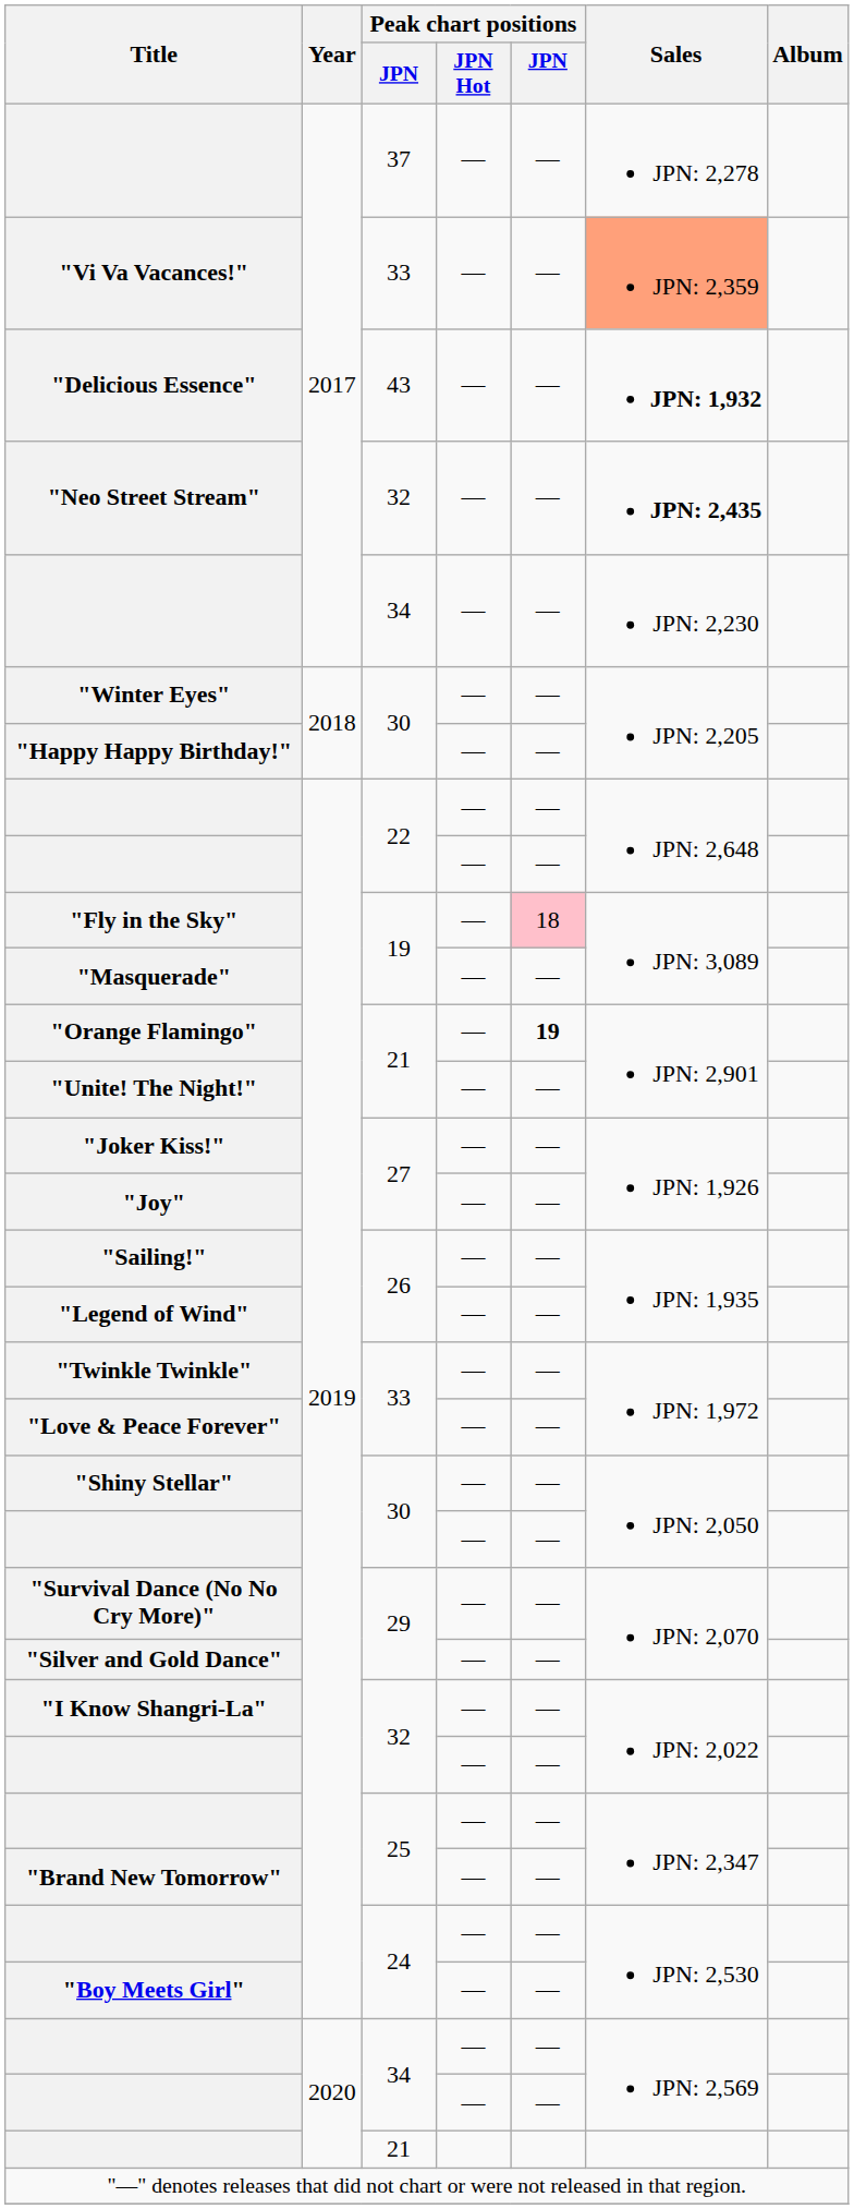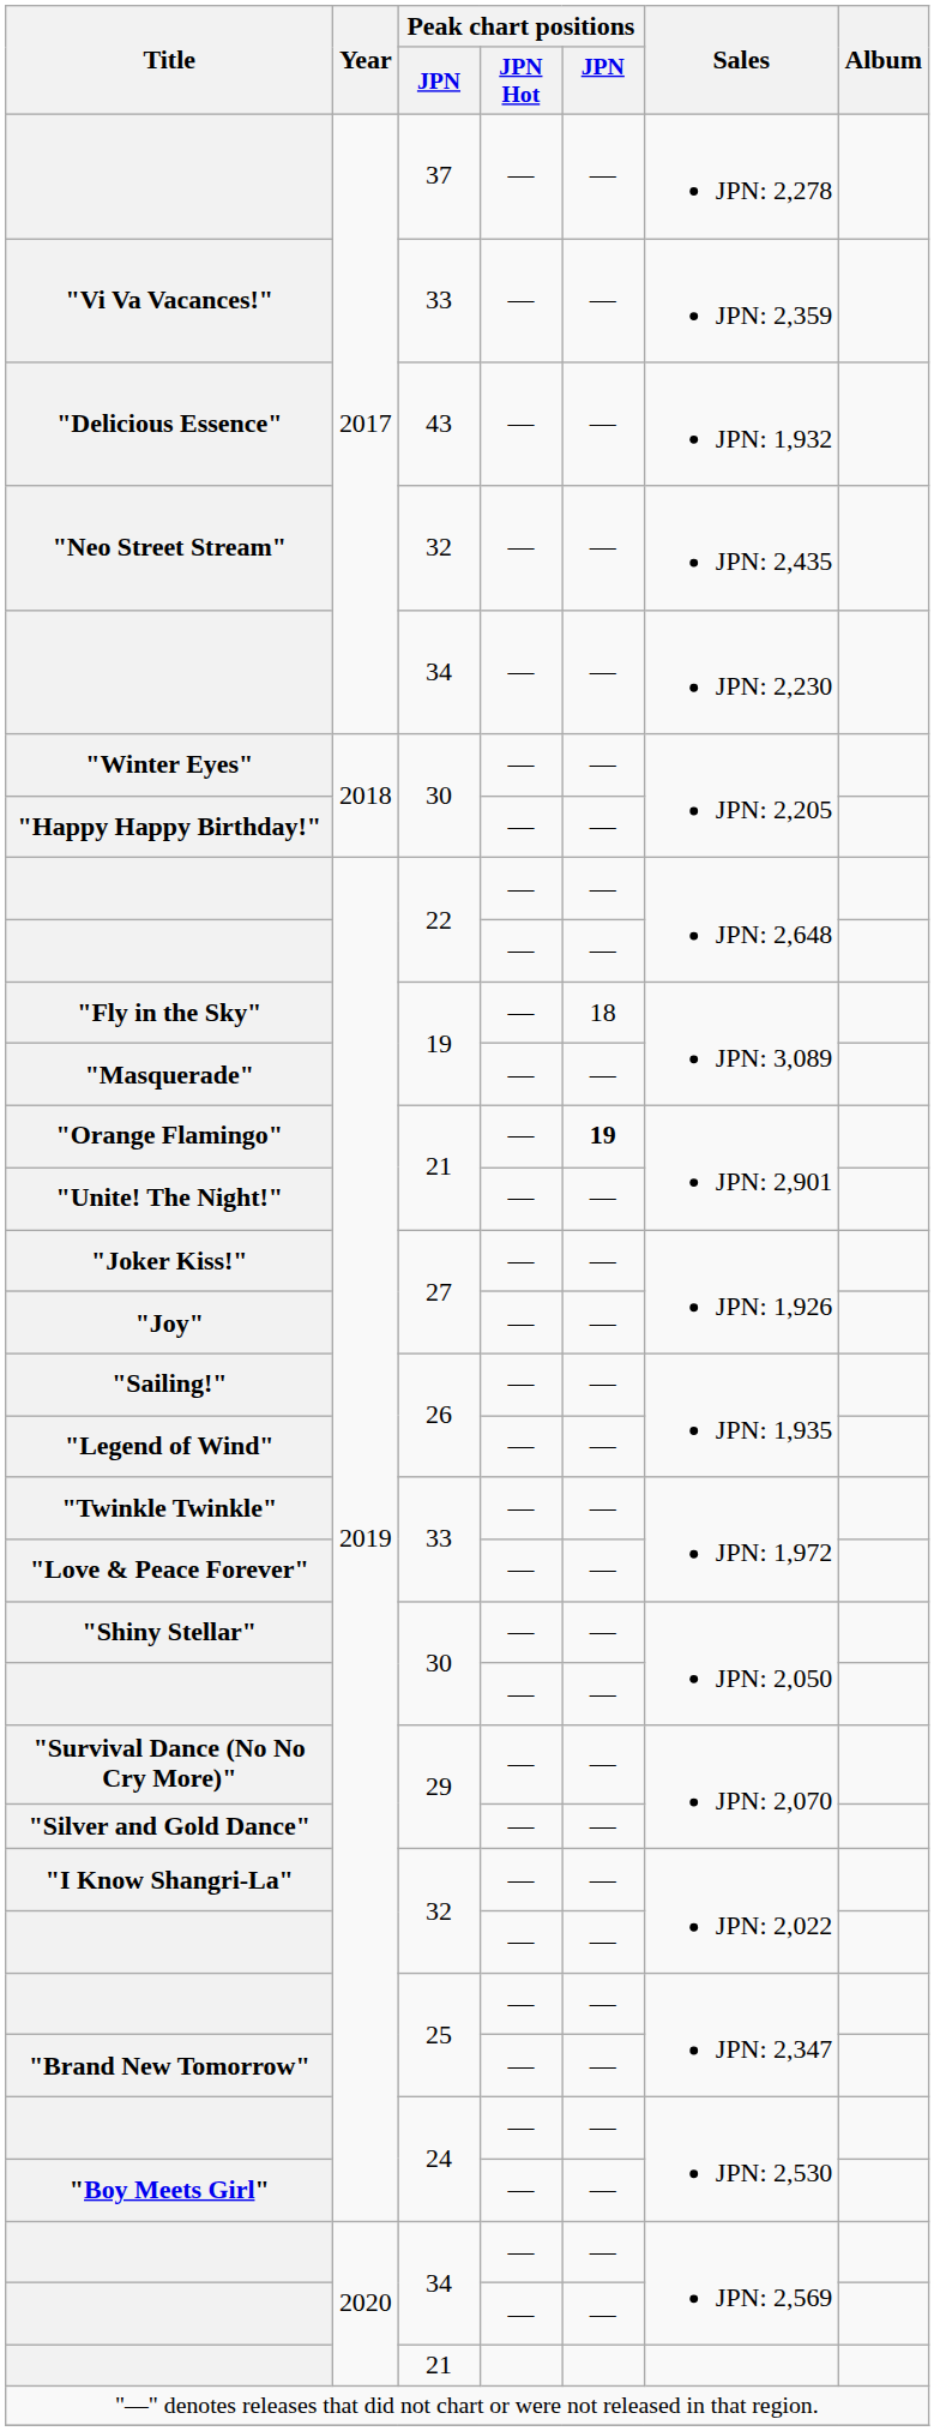 <table class="wikitable plainrowheaders" style="text-align:center;">
 <tr>
 <th scope="col" rowspan="2" style="width:12em;">Title</th>
 <th scope="col" rowspan="2">Year</th>
 <th scope="col" colspan="3">Peak chart positions</th>
 <th scope="col" rowspan="2">Sales<br></th>
 <th scope="col" rowspan="2">Album</th>
 </tr>
 <tr>
 <th scope="col" style="width:3em;font-size:90%;"><a href='#'>JPN</a><br></th>
 <th scope="col" style="width:3em;font-size:90%;"><a href='#'>JPN<br>Hot</a></th>
 <th scope="col" style="width:3em;font-size:90%;"><a href='#'>JPN<br></a><br></th>
 </tr>
 <tr>
 <th scope="row"></th>
 <td rowspan="5">2017</td>
 <td>37</td>
 <td>—</td>
 <td>—</td>
 <td><br><ul><li>JPN: 2,278</li></ul></td>
 <td></td>
 </tr>
 <tr>
 <th scope="row">"Vi Va Vacances!"</th>
 <td>33</td>
 <td>—</td>
 <td>—</td>
-<td style="background: lightsalmon;"><br><ul><li>JPN: 2,359</li></ul></td>
+<td><br><ul><li>JPN: 2,359</li></ul></td>
 <td></td>
 </tr>
 <tr>
 <th scope="row">"Delicious Essence"</th>
 <td>43</td>
 <td>—</td>
 <td>—</td>
-<td><strong><br><ul><li>JPN: 1,932</li></ul></strong></td>
+<td><br><ul><li>JPN: 1,932</li></ul></td>
 <td></td>
 </tr>
 <tr>
 <th scope="row">"Neo Street Stream"</th>
 <td>32</td>
 <td>—</td>
 <td>—</td>
-<td><strong><br><ul><li>JPN: 2,435</li></ul></strong></td>
+<td><br><ul><li>JPN: 2,435</li></ul></td>
 <td></td>
 </tr>
 <tr>
 <th scope="row"></th>
 <td>34</td>
 <td>—</td>
 <td>—</td>
 <td><br><ul><li>JPN: 2,230</li></ul></td>
 <td></td>
 </tr>
 <tr>
 <th scope="row">"Winter Eyes"</th>
 <td rowspan="2">2018</td>
 <td rowspan="2">30</td>
 <td>—</td>
 <td>—</td>
 <td rowspan="2"><br><ul><li>JPN: 2,205</li></ul></td>
 <td></td>
 </tr>
 <tr>
 <th scope="row">"Happy Happy Birthday!"</th>
 <td>—</td>
 <td>—</td>
 <td></td>
 </tr>
 <tr>
 <th scope="row"></th>
 <td rowspan="22">2019</td>
 <td rowspan="2">22</td>
 <td>—</td>
 <td>—</td>
 <td rowspan="2"><br><ul><li>JPN: 2,648</li></ul></td>
 <td></td>
 </tr>
 <tr>
 <th scope="row"></th>
 <td>—</td>
 <td>—</td>
 <td></td>
 </tr>
 <tr>
 <th scope="row">"Fly in the Sky"</th>
 <td rowspan="2">19</td>
 <td>—</td>
-<td style="background: pink;">18</td>
+<td>18</td>
 <td rowspan="2"><br><ul><li>JPN: 3,089</li></ul></td>
 <td></td>
 </tr>
 <tr>
 <th scope="row">"Masquerade"</th>
 <td>—</td>
 <td>—</td>
 <td></td>
 </tr>
 <tr>
 <th scope="row">"Orange Flamingo"</th>
 <td rowspan="2">21</td>
 <td>—</td>
 <td><strong>19</strong></td>
 <td rowspan="2"><br><ul><li>JPN: 2,901</li></ul></td>
 <td></td>
 </tr>
 <tr>
 <th scope="row">"Unite! The Night!"</th>
 <td>—</td>
 <td>—</td>
 <td></td>
 </tr>
 <tr>
 <th scope="row">"Joker Kiss!"</th>
 <td rowspan="2">27</td>
 <td>—</td>
 <td>—</td>
 <td rowspan="2"><br><ul><li>JPN: 1,926</li></ul></td>
 <td></td>
 </tr>
 <tr>
 <th scope="row">"Joy"</th>
 <td>—</td>
 <td>—</td>
 <td></td>
 </tr>
 <tr>
 <th scope="row">"Sailing!"</th>
 <td rowspan="2">26</td>
 <td>—</td>
 <td>—</td>
 <td rowspan="2"><br><ul><li>JPN: 1,935</li></ul></td>
 <td></td>
 </tr>
 <tr>
 <th scope="row">"Legend of Wind"</th>
 <td>—</td>
 <td>—</td>
 <td></td>
 </tr>
 <tr>
 <th scope="row">"Twinkle Twinkle"</th>
 <td rowspan="2">33</td>
 <td>—</td>
 <td>—</td>
 <td rowspan="2"><br><ul><li>JPN: 1,972</li></ul></td>
 <td></td>
 </tr>
 <tr>
 <th scope="row">"Love & Peace Forever"</th>
 <td>—</td>
 <td>—</td>
 <td></td>
 </tr>
 <tr>
 <th scope="row">"Shiny Stellar"</th>
 <td rowspan="2">30</td>
 <td>—</td>
 <td>—</td>
 <td rowspan="2"><br><ul><li>JPN: 2,050</li></ul></td>
 <td></td>
 </tr>
 <tr>
 <th scope="row"></th>
 <td>—</td>
 <td>—</td>
 <td></td>
 </tr>
 <tr>
 <th scope="row">"Survival Dance (No No Cry More)"</th>
 <td rowspan="2">29</td>
 <td>—</td>
 <td>—</td>
 <td rowspan="2"><br><ul><li>JPN: 2,070</li></ul></td>
 <td></td>
 </tr>
 <tr>
 <th scope="row">"Silver and Gold Dance"</th>
 <td>—</td>
 <td>—</td>
 <td></td>
 </tr>
 <tr>
 <th scope="row">"I Know Shangri-La"</th>
 <td rowspan="2">32</td>
 <td>—</td>
 <td>—</td>
 <td rowspan="2"><br><ul><li>JPN: 2,022</li></ul></td>
 <td></td>
 </tr>
 <tr>
 <th scope="row"></th>
 <td>—</td>
 <td>—</td>
 <td></td>
 </tr>
 <tr>
 <th scope="row"></th>
 <td rowspan="2">25</td>
 <td>—</td>
 <td>—</td>
 <td rowspan="2"><br><ul><li>JPN: 2,347</li></ul></td>
 <td></td>
 </tr>
 <tr>
 <th scope="row">"Brand New Tomorrow"</th>
 <td>—</td>
 <td>—</td>
 <td></td>
 </tr>
 <tr>
 <th scope="row"></th>
 <td rowspan="2">24</td>
 <td>—</td>
 <td>—</td>
 <td rowspan="2"><br><ul><li>JPN: 2,530</li></ul></td>
 <td></td>
 </tr>
 <tr>
 <th scope="row">"<a href='#'>Boy Meets Girl</a>"</th>
 <td>—</td>
 <td>—</td>
 <td></td>
 </tr>
 <tr>
 <th scope="row"></th>
 <td rowspan="3">2020</td>
 <td rowspan="2">34</td>
 <td>—</td>
 <td>—</td>
 <td rowspan="2"><br><ul><li>JPN: 2,569</li></ul></td>
 <td></td>
 </tr>
 <tr>
 <th scope="row"></th>
 <td>—</td>
 <td>—</td>
 <td></td>
 </tr>
 <tr>
 <th scope="row"></th>
 <td>21</td>
 <td></td>
 <td></td>
 <td></td>
 <td></td>
 </tr>
 <tr>
 <td colspan="7" style="font-size:90%;">"—" denotes releases that did not chart or were not released in that region.</td>
 </tr>
 <tr>
 </tr>
 </table>
